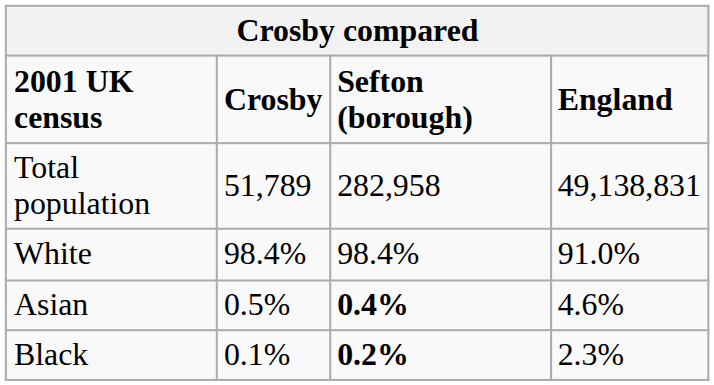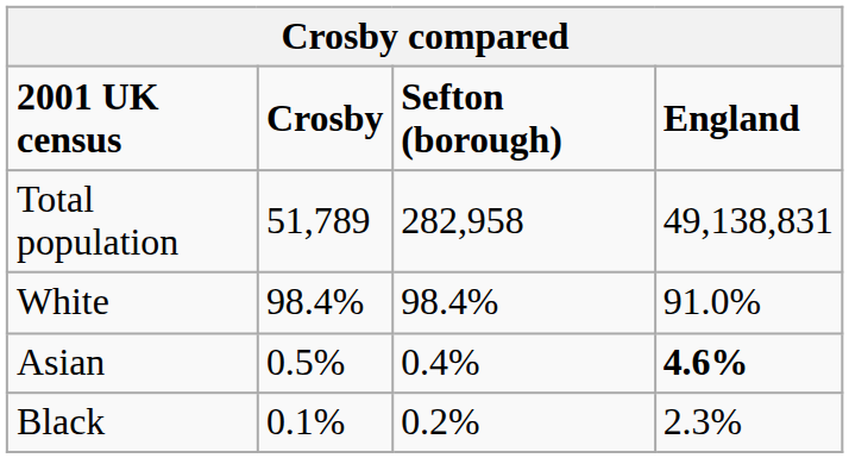 <table class="wikitable" style="float: right; margin-left: 2em; width: 40%;" cellspacing="3">
 <tr>
 <th colspan="4"><strong>Crosby compared</strong></th>
 </tr>
 <tr>
 <td><strong>2001 UK census</strong></td>
 <td><strong>Crosby</strong></td>
 <td><strong>Sefton (borough)</strong></td>
 <td><strong>England</strong></td>
 </tr>
 <tr>
 <td>Total population</td>
 <td>51,789</td>
 <td>282,958</td>
 <td>49,138,831</td>
 </tr>
 <tr>
 <td>White</td>
 <td>98.4%</td>
 <td>98.4%</td>
 <td>91.0%</td>
 </tr>
 <tr>
 <td>Asian</td>
 <td>0.5%</td>
-<td><strong>0.4%</strong></td>
-<td>4.6%</td>
+<td>0.4%</td>
+<td><strong>4.6%</strong></td>
 </tr>
 <tr>
 <td>Black</td>
 <td>0.1%</td>
-<td><strong>0.2%</strong></td>
+<td>0.2%</td>
 <td>2.3%</td>
 </tr>
 </table>
